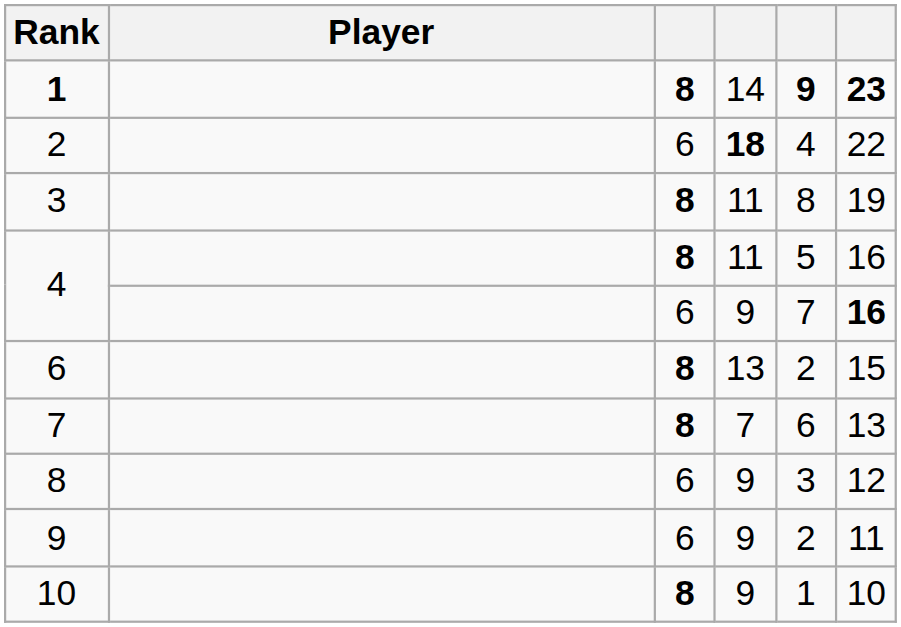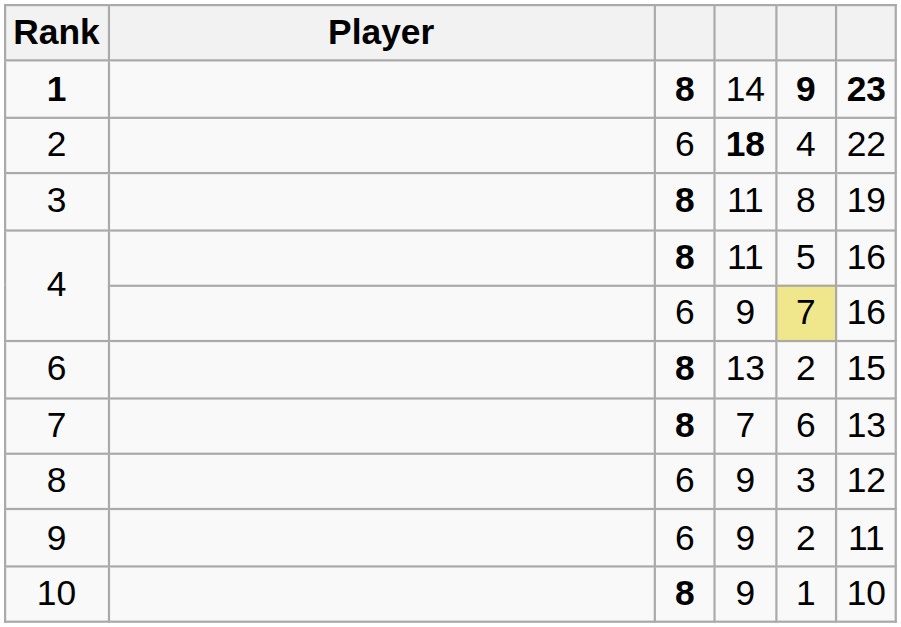 <table class="wikitable">
 <tr>
 <th width="20">Rank</th>
 <th width="240">Player</th>
 <th width="20"></th>
 <th width="20"></th>
 <th width="20"></th>
 <th width="20"></th>
 </tr>
 <tr align=center>
 <td><strong>1</strong></td>
 <td align=left></td>
 <td><strong>8</strong></td>
 <td>14</td>
 <td><strong>9</strong></td>
 <td><strong>23</strong></td>
 </tr>
 <tr align=center>
 <td>2</td>
 <td align=left></td>
 <td>6</td>
 <td><strong>18</strong></td>
 <td>4</td>
 <td>22</td>
 </tr>
 <tr align=center>
 <td>3</td>
 <td align=left></td>
 <td><strong>8</strong></td>
 <td>11</td>
 <td>8</td>
 <td>19</td>
 </tr>
 <tr align=center>
 <td rowspan=2>4</td>
 <td align=left></td>
 <td><strong>8</strong></td>
 <td>11</td>
 <td>5</td>
 <td>16</td>
 </tr>
 <tr align=center>
 <td align=left></td>
 <td>6</td>
 <td>9</td>
-<td>7</td>
-<td><strong>16</strong></td>
+<td style="background: khaki;">7</td>
+<td>16</td>
 </tr>
 <tr align=center>
 <td>6</td>
 <td align=left></td>
 <td><strong>8</strong></td>
 <td>13</td>
 <td>2</td>
 <td>15</td>
 </tr>
 <tr align=center>
 <td>7</td>
 <td align=left></td>
 <td><strong>8</strong></td>
 <td>7</td>
 <td>6</td>
 <td>13</td>
 </tr>
 <tr align=center>
 <td>8</td>
 <td align=left></td>
 <td>6</td>
 <td>9</td>
 <td>3</td>
 <td>12</td>
 </tr>
 <tr align=center>
 <td>9</td>
 <td align=left></td>
 <td>6</td>
 <td>9</td>
 <td>2</td>
 <td>11</td>
 </tr>
 <tr align=center>
 <td>10</td>
 <td align=left></td>
 <td><strong>8</strong></td>
 <td>9</td>
 <td>1</td>
 <td>10</td>
 </tr>
 </table>
